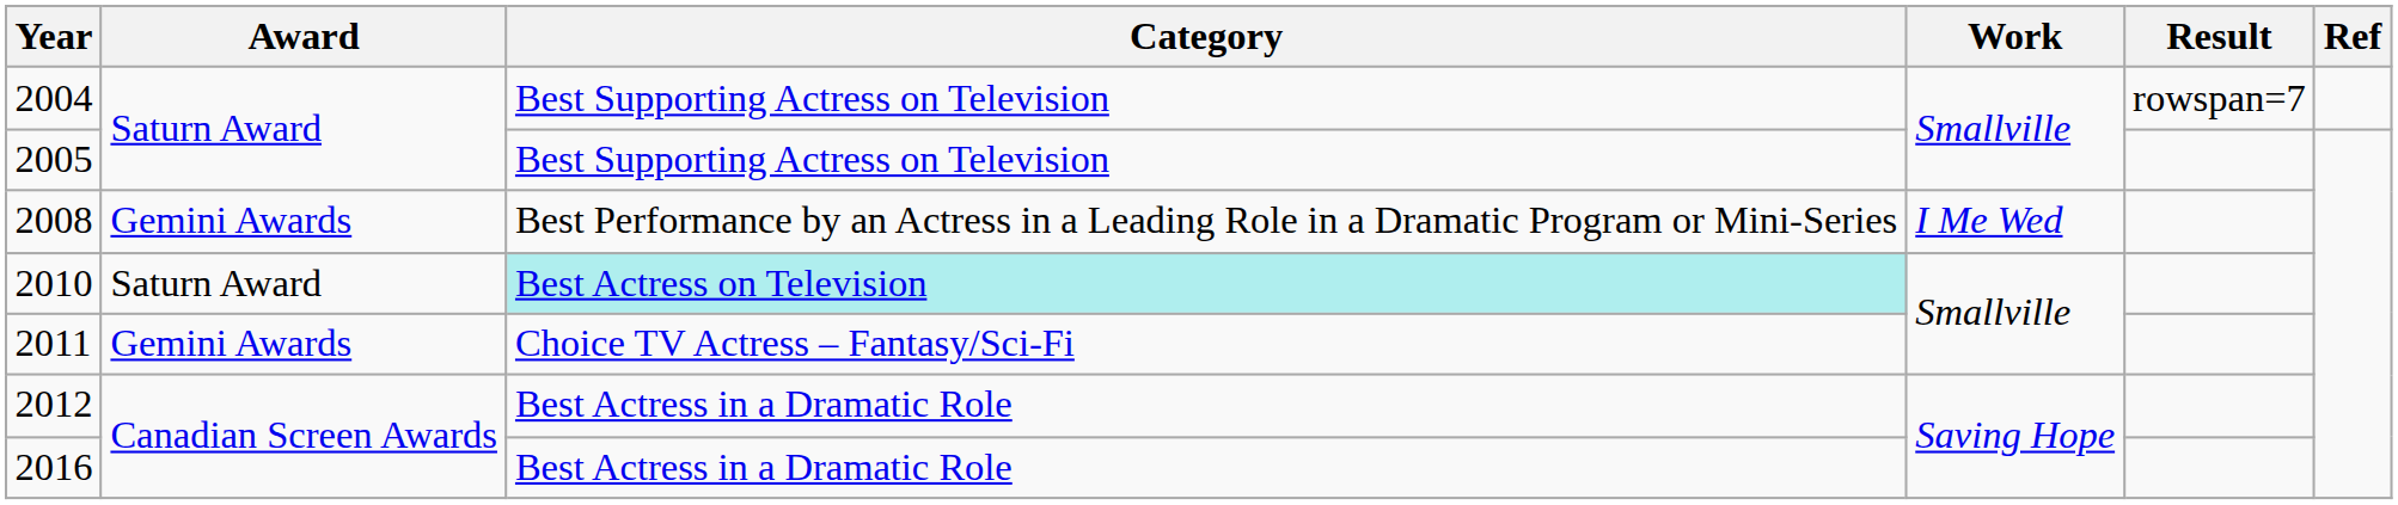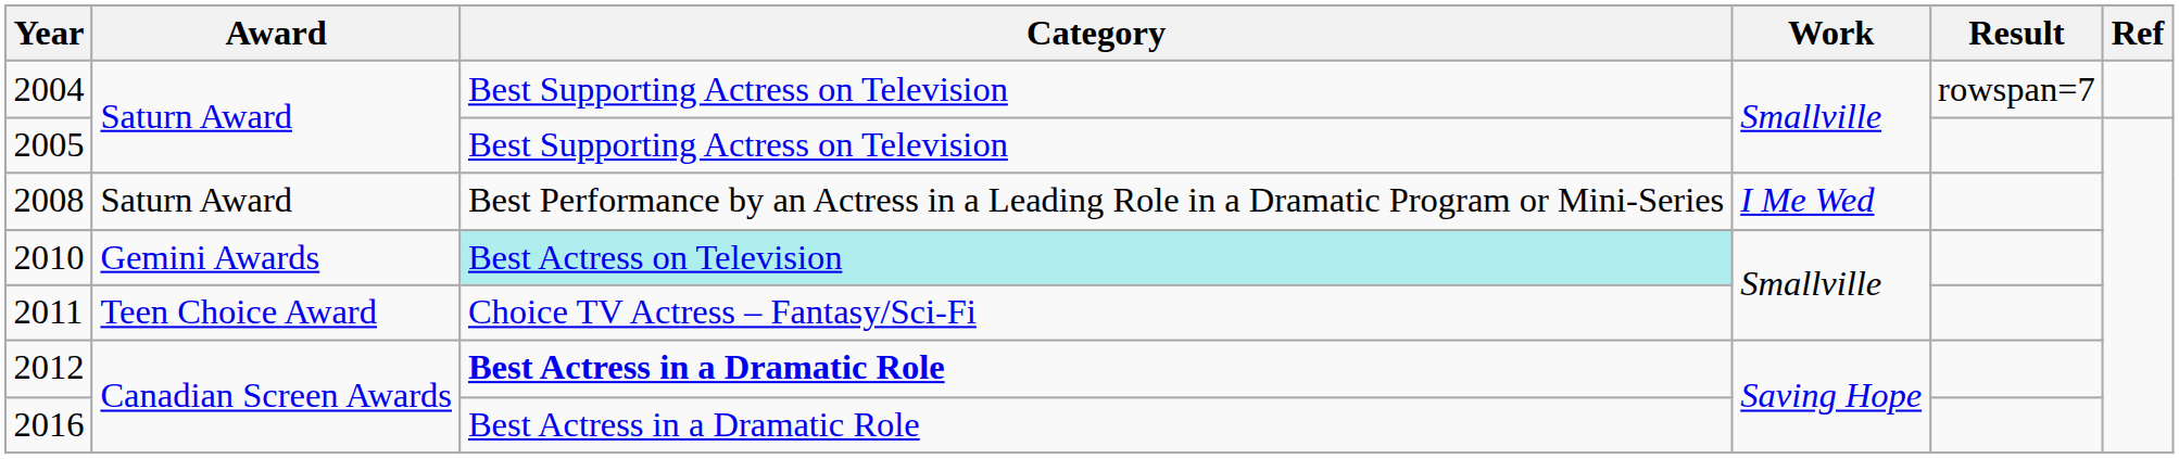 <table class="wikitable plainrowheaders">
 <tr>
 <th scope="col">Year</th>
 <th scope="col">Award</th>
 <th scope="col">Category</th>
 <th scope="col">Work</th>
 <th scope="col">Result</th>
 <th scope="col" class="unsortable">Ref</th>
 </tr>
 <tr>
 <td>2004</td>
 <td rowspan=2><a href='#'>Saturn Award</a></td>
 <td><a href='#'>Best Supporting Actress on Television</a></td>
 <td rowspan=2><em><a href='#'>Smallville</a></em></td>
 <td>rowspan=7 </td>
 <td></td>
 </tr>
 <tr>
 <td>2005</td>
 <td><a href='#'>Best Supporting Actress on Television</a></td>
 <td></td>
 </tr>
 <tr>
 <td>2008</td>
-<td><a href='#'>Gemini Awards</a></td>
+<td>Saturn Award</td>
 <td>Best Performance by an Actress in a Leading Role in a Dramatic Program or Mini-Series</td>
 <td><em><a href='#'>I Me Wed</a></em></td>
 <td></td>
 </tr>
 <tr>
 <td>2010</td>
-<td>Saturn Award</td>
+<td><a href='#'>Gemini Awards</a></td>
 <td style="background: paleturquoise;"><a href='#'>Best Actress on Television</a></td>
 <td rowspan=2><em>Smallville</em></td>
 <td></td>
 </tr>
 <tr>
 <td>2011</td>
-<td><a href='#'>Gemini Awards</a></td>
+<td><a href='#'>Teen Choice Award</a></td>
 <td><a href='#'>Choice TV Actress – Fantasy/Sci-Fi</a></td>
 <td></td>
 </tr>
 <tr>
 <td>2012</td>
 <td rowspan=2><a href='#'>Canadian Screen Awards</a></td>
-<td><a href='#'>Best Actress in a Dramatic Role</a></td>
+<td><strong><a href='#'>Best Actress in a Dramatic Role</a></strong></td>
 <td rowspan=2><em><a href='#'>Saving Hope</a></em></td>
 <td></td>
 </tr>
 <tr>
 <td>2016</td>
 <td><a href='#'>Best Actress in a Dramatic Role</a></td>
 <td></td>
 </tr>
 </table>
